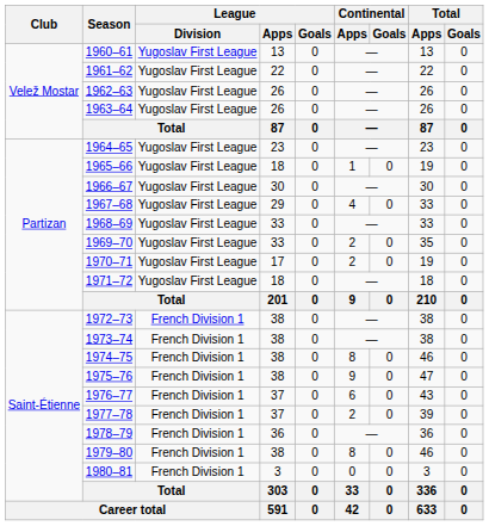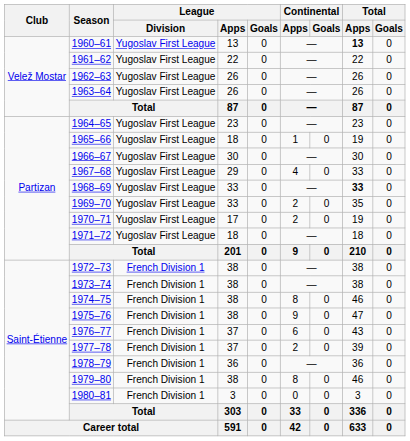 <table class="wikitable" style="text-align:center">
 <tr>
 <th rowspan="2">Club</th>
 <th rowspan="2">Season</th>
 <th colspan="3">League</th>
 <th colspan="2">Continental</th>
 <th colspan="2">Total</th>
 </tr>
 <tr>
 <th>Division</th>
 <th>Apps</th>
 <th>Goals</th>
 <th>Apps</th>
 <th>Goals</th>
 <th>Apps</th>
 <th>Goals</th>
 </tr>
 <tr>
 <td rowspan="5"><a href='#'>Velež Mostar</a></td>
 <td><a href='#'>1960–61</a></td>
 <td><a href='#'>Yugoslav First League</a></td>
 <td>13</td>
 <td>0</td>
 <td colspan="2">—</td>
-<td>13</td>
+<td><strong>13</strong></td>
 <td>0</td>
 </tr>
 <tr>
 <td><a href='#'>1961–62</a></td>
 <td>Yugoslav First League</td>
 <td>22</td>
 <td>0</td>
 <td colspan="2">—</td>
 <td>22</td>
 <td>0</td>
 </tr>
 <tr>
 <td><a href='#'>1962–63</a></td>
 <td>Yugoslav First League</td>
 <td>26</td>
 <td>0</td>
 <td colspan="2">—</td>
 <td>26</td>
 <td>0</td>
 </tr>
 <tr>
 <td><a href='#'>1963–64</a></td>
 <td>Yugoslav First League</td>
 <td>26</td>
 <td>0</td>
 <td colspan="2">—</td>
 <td>26</td>
 <td>0</td>
 </tr>
 <tr>
 <th colspan="2">Total</th>
 <th>87</th>
 <th>0</th>
 <th colspan="2">—</th>
 <th>87</th>
 <th>0</th>
 </tr>
 <tr>
 <td rowspan="9"><a href='#'>Partizan</a></td>
 <td><a href='#'>1964–65</a></td>
 <td>Yugoslav First League</td>
 <td>23</td>
 <td>0</td>
 <td colspan="2">—</td>
 <td>23</td>
 <td>0</td>
 </tr>
 <tr>
 <td><a href='#'>1965–66</a></td>
 <td>Yugoslav First League</td>
 <td>18</td>
 <td>0</td>
 <td>1</td>
 <td>0</td>
 <td>19</td>
 <td>0</td>
 </tr>
 <tr>
 <td><a href='#'>1966–67</a></td>
 <td>Yugoslav First League</td>
 <td>30</td>
 <td>0</td>
 <td colspan="2">—</td>
 <td>30</td>
 <td>0</td>
 </tr>
 <tr>
 <td><a href='#'>1967–68</a></td>
 <td>Yugoslav First League</td>
 <td>29</td>
 <td>0</td>
 <td>4</td>
 <td>0</td>
 <td>33</td>
 <td>0</td>
 </tr>
 <tr>
 <td><a href='#'>1968–69</a></td>
 <td>Yugoslav First League</td>
 <td>33</td>
 <td>0</td>
 <td colspan="2">—</td>
-<td>33</td>
+<td><strong>33</strong></td>
 <td>0</td>
 </tr>
 <tr>
 <td><a href='#'>1969–70</a></td>
 <td>Yugoslav First League</td>
 <td>33</td>
 <td>0</td>
 <td>2</td>
 <td>0</td>
 <td>35</td>
 <td>0</td>
 </tr>
 <tr>
 <td><a href='#'>1970–71</a></td>
 <td>Yugoslav First League</td>
 <td>17</td>
 <td>0</td>
 <td>2</td>
 <td>0</td>
 <td>19</td>
 <td>0</td>
 </tr>
 <tr>
 <td><a href='#'>1971–72</a></td>
 <td>Yugoslav First League</td>
 <td>18</td>
 <td>0</td>
 <td colspan="2">—</td>
 <td>18</td>
 <td>0</td>
 </tr>
 <tr>
 <th colspan="2">Total</th>
 <th>201</th>
 <th>0</th>
 <th>9</th>
 <th>0</th>
 <th>210</th>
 <th>0</th>
 </tr>
 <tr>
 <td rowspan="10"><a href='#'>Saint-Étienne</a></td>
 <td><a href='#'>1972–73</a></td>
 <td><a href='#'>French Division 1</a></td>
 <td>38</td>
 <td>0</td>
 <td colspan="2">—</td>
 <td>38</td>
 <td>0</td>
 </tr>
 <tr>
 <td><a href='#'>1973–74</a></td>
 <td>French Division 1</td>
 <td>38</td>
 <td>0</td>
 <td colspan="2">—</td>
 <td>38</td>
 <td>0</td>
 </tr>
 <tr>
 <td><a href='#'>1974–75</a></td>
 <td>French Division 1</td>
 <td>38</td>
 <td>0</td>
 <td>8</td>
 <td>0</td>
 <td>46</td>
 <td>0</td>
 </tr>
 <tr>
 <td><a href='#'>1975–76</a></td>
 <td>French Division 1</td>
 <td>38</td>
 <td>0</td>
 <td>9</td>
 <td>0</td>
 <td>47</td>
 <td>0</td>
 </tr>
 <tr>
 <td><a href='#'>1976–77</a></td>
 <td>French Division 1</td>
 <td>37</td>
 <td>0</td>
 <td>6</td>
 <td>0</td>
 <td>43</td>
 <td>0</td>
 </tr>
 <tr>
 <td><a href='#'>1977–78</a></td>
 <td>French Division 1</td>
 <td>37</td>
 <td>0</td>
 <td>2</td>
 <td>0</td>
 <td>39</td>
 <td>0</td>
 </tr>
 <tr>
 <td><a href='#'>1978–79</a></td>
 <td>French Division 1</td>
 <td>36</td>
 <td>0</td>
 <td colspan="2">—</td>
 <td>36</td>
 <td>0</td>
 </tr>
 <tr>
 <td><a href='#'>1979–80</a></td>
 <td>French Division 1</td>
 <td>38</td>
 <td>0</td>
 <td>8</td>
 <td>0</td>
 <td>46</td>
 <td>0</td>
 </tr>
 <tr>
 <td><a href='#'>1980–81</a></td>
 <td>French Division 1</td>
 <td>3</td>
 <td>0</td>
 <td>0</td>
 <td>0</td>
 <td>3</td>
 <td>0</td>
 </tr>
 <tr>
 <th colspan="2">Total</th>
 <th>303</th>
 <th>0</th>
 <th>33</th>
 <th>0</th>
 <th>336</th>
 <th>0</th>
 </tr>
 <tr>
 <th colspan="3">Career total</th>
 <th>591</th>
 <th>0</th>
 <th>42</th>
 <th>0</th>
 <th>633</th>
 <th>0</th>
 </tr>
 </table>
